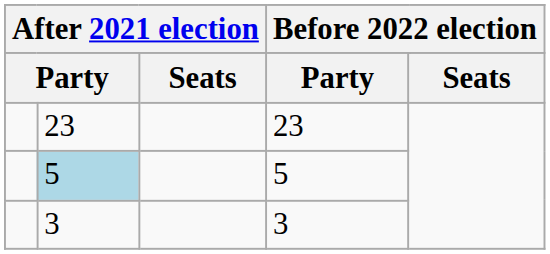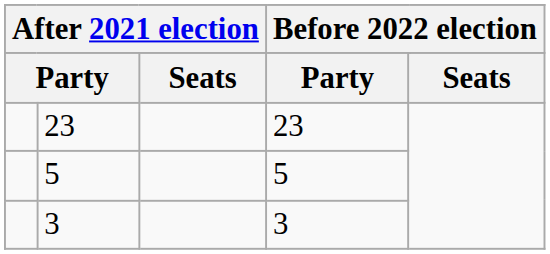 <table class="wikitable">
 <tr>
 <th colspan="3">After <a href='#'>2021 election</a></th>
 <th colspan="3">Before 2022 election</th>
 </tr>
 <tr>
 <th colspan="2">Party</th>
 <th>Seats</th>
 <th colspan="2">Party</th>
 <th>Seats</th>
 </tr>
 <tr>
 <td></td>
 <td>23</td>
 <td></td>
 <td>23</td>
 </tr>
 <tr>
 <td></td>
-<td style="background: lightblue;">5</td>
+<td>5</td>
 <td></td>
 <td>5</td>
 </tr>
 <tr>
 <td></td>
 <td>3</td>
 <td></td>
 <td>3</td>
 </tr>
 </table>
